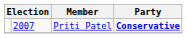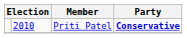 <table class="wikitable">
 <tr>
 <th colspan="2">Election</th>
 <th>Member</th>
 <th>Party</th>
 </tr>
 <tr>
 <td style="color:inherit;background-color: "></td>
-<td><a href='#'>2007</a></td>
+<td><a href='#'>2010</a></td>
 <td><a href='#'>Priti Patel</a></td>
 <td><strong><a href='#'>Conservative</a></strong></td>
 </tr>
 <tr>
 </tr>
 </table>
